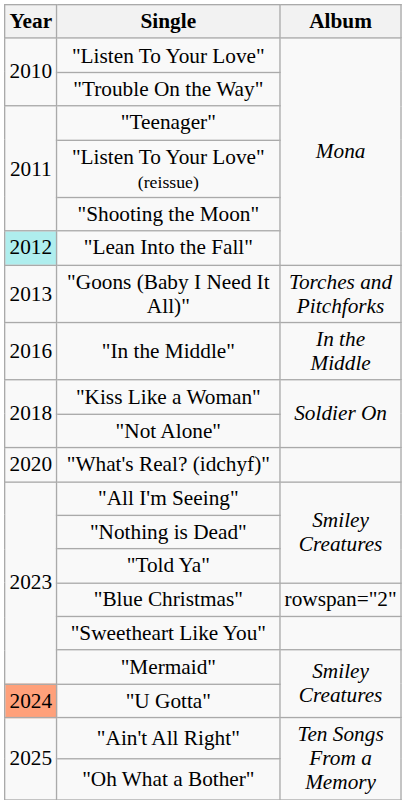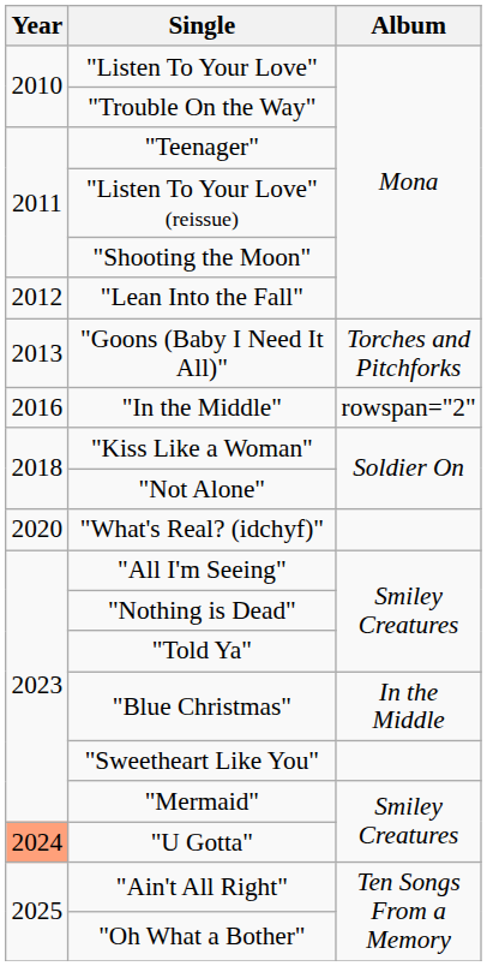 <table class="wikitable" style="text-align:center;">
 <tr>
 <th scope="col" style="width:2em;">Year</th>
 <th scope="col" style="width:10em;">Single</th>
 <th scope="col" style="width:2em;">Album</th>
 </tr>
 <tr>
 <td rowspan="2">2010</td>
 <td>"Listen To Your Love"</td>
 <td rowspan="6"><em>Mona</em></td>
 </tr>
 <tr>
 <td>"Trouble On the Way"</td>
 </tr>
 <tr>
 <td rowspan="3">2011</td>
 <td>"Teenager"</td>
 </tr>
 <tr>
 <td>"Listen To Your Love" <small>(reissue)</small></td>
 </tr>
 <tr>
 <td>"Shooting the Moon"</td>
 </tr>
 <tr>
-<td style="background: paleturquoise;">2012</td>
+<td>2012</td>
 <td>"Lean Into the Fall"</td>
 </tr>
 <tr>
 <td>2013</td>
 <td>"Goons (Baby I Need It All)"</td>
 <td><em>Torches and Pitchforks</em></td>
 </tr>
 <tr>
 <td>2016</td>
 <td>"In the Middle"</td>
-<td><em>In the Middle</em></td>
+<td>rowspan="2" </td>
 </tr>
 <tr>
 <td rowspan="2">2018</td>
 <td>"Kiss Like a Woman"</td>
 <td rowspan="2"><em>Soldier On</em></td>
 </tr>
 <tr>
 <td>"Not Alone"</td>
 </tr>
 <tr>
 <td>2020</td>
 <td>"What's Real? (idchyf)"</td>
 <td></td>
 </tr>
 <tr>
 <td rowspan="6">2023</td>
 <td>"All I'm Seeing"</td>
 <td rowspan="3"><em>Smiley Creatures</em></td>
 </tr>
 <tr>
 <td>"Nothing is Dead"</td>
 </tr>
 <tr>
 <td>"Told Ya"</td>
 </tr>
 <tr>
 <td>"Blue Christmas"</td>
-<td>rowspan="2" </td>
+<td><em>In the Middle</em></td>
 </tr>
 <tr>
 <td>"Sweetheart Like You"</td>
 </tr>
 <tr>
 <td>"Mermaid"</td>
 <td rowspan="2"><em>Smiley Creatures</em></td>
 </tr>
 <tr>
 <td style="background: lightsalmon;">2024</td>
 <td>"U Gotta"</td>
 </tr>
 <tr>
 <td rowspan="2">2025</td>
 <td>"Ain't All Right"</td>
 <td rowspan="2"><em>Ten Songs From a Memory</em></td>
 </tr>
 <tr>
 <td>"Oh What a Bother"</td>
 </tr>
 </table>
